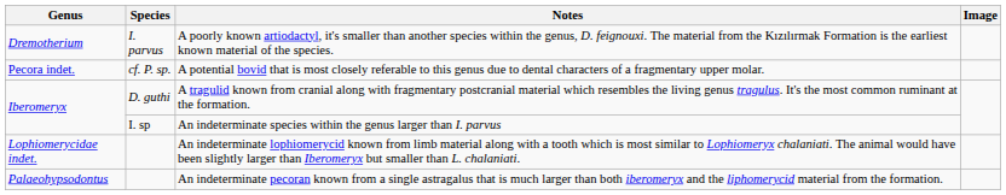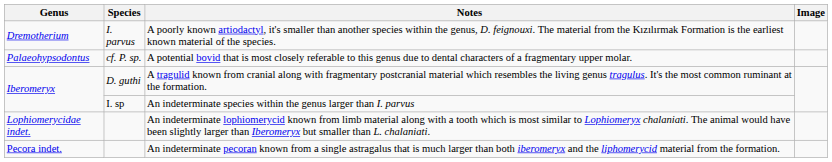 <table class="wikitable">
 <tr>
 <th>Genus</th>
 <th>Species</th>
 <th>Notes</th>
 <th>Image</th>
 </tr>
 <tr>
 <td><em><a href='#'>Dremotherium</a></em></td>
 <td><em>I. parvus</em></td>
 <td>A poorly known <a href='#'>artiodactyl</a>, it's smaller than another species within the genus, <em>D. feignouxi</em>. The material from the  Kızılırmak Formation is the earliest known material of the species.</td>
 <td></td>
 </tr>
 <tr>
-<td><a href='#'>Pecora indet.</a></td>
+<td><em><a href='#'>Palaeohypsodontus</a></em> </td>
 <td><em>cf. P. sp.</em></td>
 <td>A potential <a href='#'>bovid</a> that is most closely referable to this genus due to dental characters of a fragmentary upper molar.</td>
 <td></td>
 </tr>
 <tr>
 <td rowspan="2"><em><a href='#'>Iberomeryx</a></em></td>
 <td><em>D. guthi</em></td>
 <td>A <a href='#'>tragulid</a> known from cranial along with fragmentary postcranial material which resembles the living genus <em><a href='#'>tragulus</a></em>. It's the most common ruminant at the formation.</td>
 <td rowspan="2"></td>
 </tr>
 <tr>
 <td>I. sp</td>
 <td>An indeterminate species within the genus larger than <em>I. parvus</em></td>
 </tr>
 <tr>
 <td><em><a href='#'>Lophiomerycidae indet.</a></em></td>
 <td></td>
 <td>An indeterminate <a href='#'>lophiomerycid</a> known from limb material along with a tooth which is most similar to <em><a href='#'>Lophiomeryx</a> chalaniati</em>. The animal would have been slightly larger than <em><a href='#'>Iberomeryx</a></em> but smaller than <em>L. chalaniati</em>.</td>
 <td></td>
 </tr>
 <tr>
-<td><em><a href='#'>Palaeohypsodontus</a></em> </td>
+<td><a href='#'>Pecora indet.</a></td>
 <td></td>
 <td>An indeterminate <a href='#'>pecoran</a> known from a single astragalus that is much larger than both <em><a href='#'>iberomeryx</a></em> and the <em><a href='#'>liphomerycid</a></em> material from the formation.</td>
 <td></td>
 </tr>
 </table>
